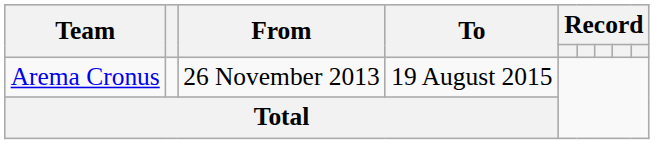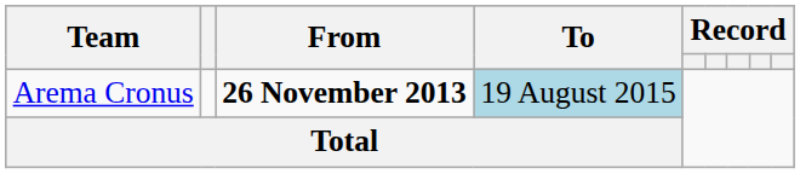 <table class="wikitable" style="text-align: center">
 <tr>
 <th rowspan="2">Team</th>
 <th rowspan="2"></th>
 <th rowspan="2">From</th>
 <th rowspan="2">To</th>
 <th colspan="5">Record</th>
 </tr>
 <tr>
 <th></th>
 <th></th>
 <th></th>
 <th></th>
 <th></th>
 </tr>
 <tr>
 <td><a href='#'>Arema Cronus</a></td>
 <td></td>
-<td>26 November 2013</td>
-<td>19 August 2015<br></td>
+<td><strong>26 November 2013</strong></td>
+<td style="background: lightblue;">19 August 2015<br></td>
 </tr>
 <tr>
 <th colspan="4">Total<br></th>
 </tr>
 </table>
